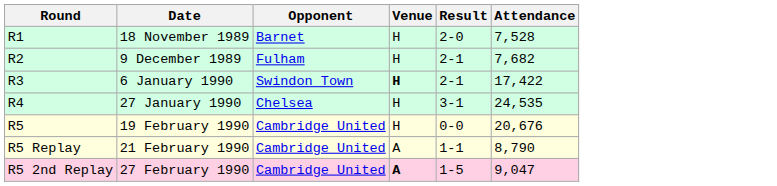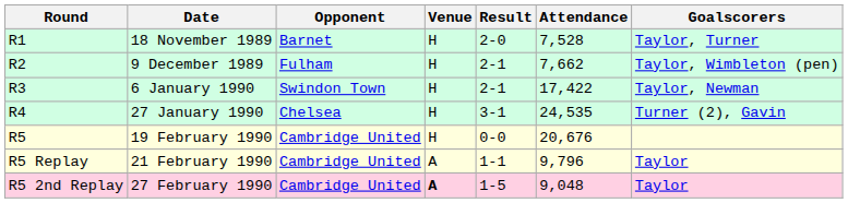 <table class="wikitable">
 <tr>
 <th>Round</th>
 <th>Date</th>
 <th>Opponent</th>
 <th>Venue</th>
 <th>Result</th>
 <th>Attendance</th>
+<th>Goalscorers</th>
 </tr>
 <tr style="background-color: #d0ffe3;">
 <td>R1</td>
 <td>18 November 1989</td>
 <td><a href='#'>Barnet</a></td>
 <td>H</td>
 <td>2-0</td>
 <td>7,528</td>
+<td><a href='#'>Taylor</a>, <a href='#'>Turner</a></td>
 </tr>
 <tr style="background-color: #d0ffe3;">
 <td>R2</td>
 <td>9 December 1989</td>
 <td><a href='#'>Fulham</a></td>
 <td>H</td>
 <td>2-1</td>
-<td>7,682</td>
+<td>7,662</td>
+<td><a href='#'>Taylor</a>, <a href='#'>Wimbleton</a> (pen)</td>
 </tr>
 <tr style="background-color: #d0ffe3;">
 <td>R3</td>
 <td>6 January 1990</td>
 <td><a href='#'>Swindon Town</a></td>
-<td><strong>H</strong></td>
+<td>H</td>
 <td>2-1</td>
 <td>17,422</td>
+<td><a href='#'>Taylor</a>, <a href='#'>Newman</a></td>
 </tr>
 <tr style="background-color: #d0ffe3;">
 <td>R4</td>
 <td>27 January 1990</td>
 <td><a href='#'>Chelsea</a></td>
 <td>H</td>
 <td>3-1</td>
 <td>24,535</td>
+<td><a href='#'>Turner</a> (2), <a href='#'>Gavin</a></td>
 </tr>
 <tr style="background-color: #ffffdd;">
 <td>R5</td>
 <td>19 February 1990</td>
 <td><a href='#'>Cambridge United</a></td>
 <td>H</td>
 <td>0-0</td>
 <td>20,676</td>
+<td></td>
 </tr>
 <tr style="background-color: #ffffdd;">
 <td>R5 Replay</td>
 <td>21 February 1990</td>
 <td><a href='#'>Cambridge United</a></td>
 <td>A</td>
 <td>1-1</td>
-<td>8,790</td>
+<td>9,796</td>
+<td><a href='#'>Taylor</a></td>
 </tr>
 <tr style="background-color: #ffd0e3;">
 <td>R5 2nd Replay</td>
 <td>27 February 1990</td>
 <td><a href='#'>Cambridge United</a></td>
 <td><strong>A</strong></td>
 <td>1-5</td>
-<td>9,047</td>
+<td>9,048</td>
+<td><a href='#'>Taylor</a></td>
 </tr>
 </table>
